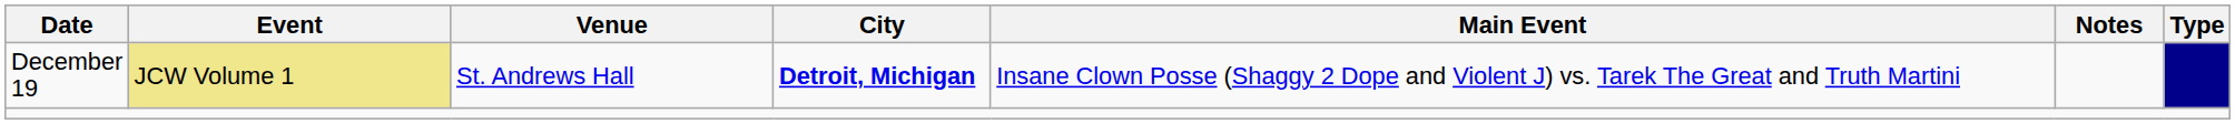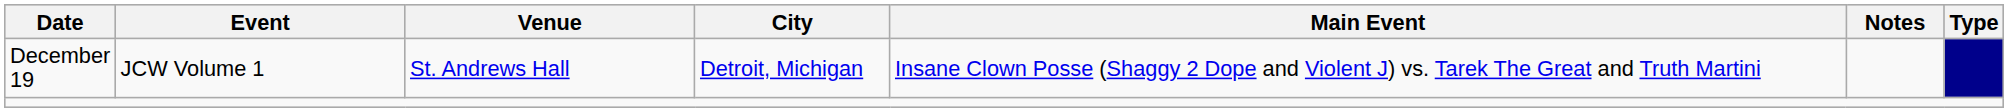 <table class="sortable wikitable succession-box" style="font-size:85%;">
 <tr>
 <th scope="col" style="width:5%;">Date</th>
 <th scope="col" style="width:15%;">Event</th>
 <th scope="col" style="width:15%;">Venue</th>
 <th scope="col" style="width:10%;">City</th>
 <th scope="col" style="width:50%;">Main Event</th>
 <th scope="col" style="width:10%;">Notes</th>
 <th scope="col" style="width:1%;">Type</th>
 </tr>
 <tr>
 <td>December 19</td>
-<td style="background: khaki;">JCW Volume 1</td>
+<td>JCW Volume 1</td>
 <td><a href='#'>St. Andrews Hall</a></td>
-<td><strong><a href='#'>Detroit, Michigan</a></strong></td>
+<td><a href='#'>Detroit, Michigan</a></td>
 <td><a href='#'>Insane Clown Posse</a> (<a href='#'>Shaggy 2 Dope</a> and <a href='#'>Violent J</a>) vs. <a href='#'>Tarek The Great</a> and <a href='#'>Truth Martini</a></td>
 <td></td>
 <td style="background: darkblue"></td>
 </tr>
 <tr>
 <td colspan="8"></td>
 </tr>
 </table>
